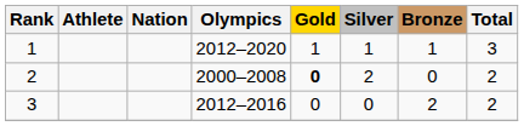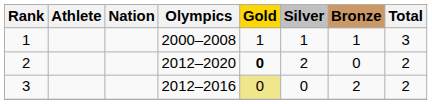 <table class="wikitable sortable" style="text-align:center">
 <tr>
 <th>Rank</th>
 <th>Athlete</th>
 <th>Nation</th>
 <th>Olympics</th>
 <th style="background-color:gold">Gold</th>
 <th style="background-color:silver">Silver</th>
 <th style="background-color:#cc9966">Bronze</th>
 <th>Total</th>
 </tr>
 <tr>
 <td>1</td>
 <td align=left></td>
 <td align=left></td>
-<td>2012–2020</td>
+<td>2000–2008</td>
 <td>1</td>
 <td>1</td>
 <td>1</td>
 <td>3</td>
 </tr>
 <tr>
 <td>2</td>
 <td align=left></td>
 <td align=left></td>
-<td>2000–2008</td>
+<td>2012–2020</td>
 <td><strong>0</strong></td>
 <td>2</td>
 <td>0</td>
 <td>2</td>
 </tr>
 <tr>
 <td>3</td>
 <td align=left></td>
 <td align=left></td>
 <td>2012–2016</td>
-<td>0</td>
+<td style="background: khaki;">0</td>
 <td>0</td>
 <td>2</td>
 <td>2</td>
 </tr>
 <tr>
 </tr>
 </table>
